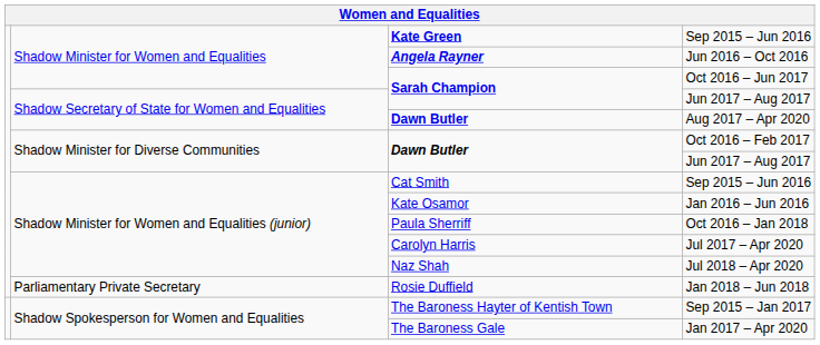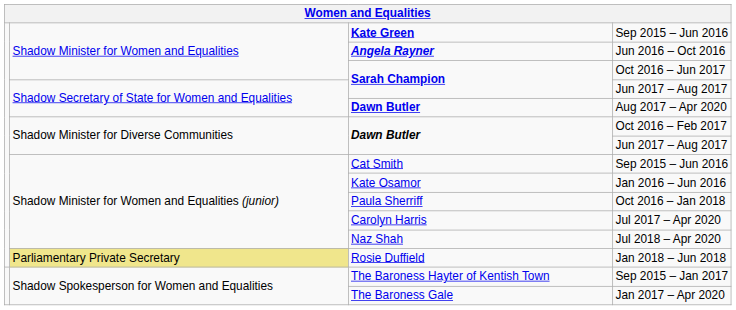 <table class="wikitable">
 <tr>
 <th colspan="4"><a href='#'>Women and Equalities</a></th>
 </tr>
 <tr>
 <td rowspan="13" style="background: "></td>
 <td rowspan="3" style="width: 450px;"><a href='#'>Shadow Minister for Women and Equalities</a></td>
 <td style="width: 350px;"><strong><a href='#'>Kate Green</a></strong></td>
 <td>Sep 2015 – Jun 2016</td>
 </tr>
 <tr>
 <td><strong><em><a href='#'>Angela Rayner</a></em></strong></td>
 <td>Jun 2016 – Oct 2016</td>
 </tr>
 <tr>
 <td rowspan="2"><strong><a href='#'>Sarah Champion</a></strong></td>
 <td>Oct 2016 – Jun 2017</td>
 </tr>
 <tr>
 <td rowspan="2"><a href='#'>Shadow Secretary of State for Women and Equalities</a></td>
 <td>Jun 2017 – Aug 2017</td>
 </tr>
 <tr>
 <td><strong><a href='#'>Dawn Butler</a></strong></td>
 <td>Aug 2017 – Apr 2020</td>
 </tr>
 <tr>
 <td rowspan="2">Shadow Minister for Diverse Communities</td>
 <td rowspan="2"><strong><em>Dawn Butler</em></strong></td>
 <td>Oct 2016 – Feb 2017</td>
 </tr>
 <tr>
 <td>Jun 2017 – Aug 2017</td>
 </tr>
 <tr>
 <td rowspan="5">Shadow Minister for Women and Equalities <em>(junior)</em></td>
 <td><a href='#'>Cat Smith</a></td>
 <td>Sep 2015 – Jun 2016</td>
 </tr>
 <tr>
 <td><a href='#'>Kate Osamor</a></td>
 <td>Jan 2016 – Jun 2016</td>
 </tr>
 <tr>
 <td><a href='#'>Paula Sherriff</a></td>
 <td>Oct 2016 – Jan 2018</td>
 </tr>
 <tr>
 <td><a href='#'>Carolyn Harris</a></td>
 <td>Jul 2017 – Apr 2020</td>
 </tr>
 <tr>
 <td><a href='#'>Naz Shah</a></td>
 <td>Jul 2018 – Apr 2020</td>
 </tr>
 <tr>
-<td>Parliamentary Private Secretary</td>
+<td style="background: khaki;">Parliamentary Private Secretary</td>
 <td><a href='#'>Rosie Duffield</a></td>
 <td>Jan 2018 – Jun 2018</td>
 </tr>
 <tr>
 <td rowspan="2" style="background: "></td>
 <td rowspan="2">Shadow Spokesperson for Women and Equalities</td>
 <td><a href='#'>The Baroness Hayter of Kentish Town</a></td>
 <td>Sep 2015 – Jan 2017</td>
 </tr>
 <tr>
 <td><a href='#'>The Baroness Gale</a></td>
 <td>Jan 2017 – Apr 2020</td>
 </tr>
 </table>
